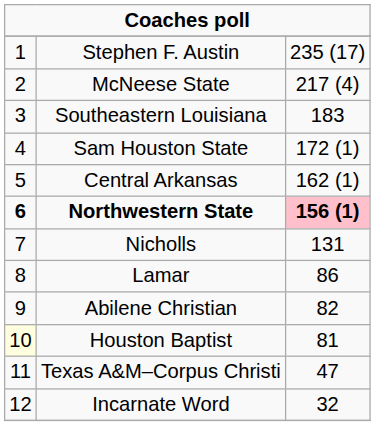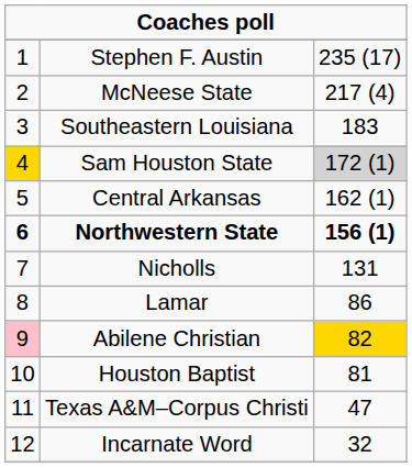 <table class="wikitable">
 <tr align="center">
 <td align="center" Colspan="3"><strong>Coaches poll</strong></td>
 </tr>
 <tr align="center">
 </tr>
 <tr align="center">
 <td>1</td>
 <td>Stephen F. Austin</td>
 <td>235 (17)</td>
 </tr>
 <tr align="center">
 <td>2</td>
 <td>McNeese State</td>
 <td>217 (4)</td>
 </tr>
 <tr align="center">
 <td>3</td>
 <td>Southeastern Louisiana</td>
 <td>183</td>
 </tr>
 <tr align="center">
-<td>4</td>
+<td style="background: gold;">4</td>
 <td>Sam Houston State</td>
-<td>172 (1)</td>
+<td style="background: lightgrey;">172 (1)</td>
 </tr>
 <tr align="center">
 <td>5</td>
 <td>Central Arkansas</td>
 <td>162 (1)</td>
 </tr>
 <tr align="center">
 <td><strong>6</strong></td>
 <td><strong>Northwestern State</strong></td>
-<td style="background: pink;"><strong>156 (1)</strong></td>
+<td><strong>156 (1)</strong></td>
 </tr>
 <tr align="center">
 <td>7</td>
 <td>Nicholls</td>
 <td>131</td>
 </tr>
 <tr align="center">
 <td>8</td>
 <td>Lamar</td>
 <td>86</td>
 </tr>
 <tr align="center">
-<td>9</td>
+<td style="background: pink;">9</td>
 <td>Abilene Christian</td>
-<td>82</td>
+<td style="background: gold;">82</td>
 </tr>
 <tr align="center">
-<td style="background: lightyellow;">10</td>
+<td>10</td>
 <td>Houston Baptist</td>
 <td>81</td>
 </tr>
 <tr align="center">
 <td>11</td>
 <td>Texas A&M–Corpus Christi</td>
 <td>47</td>
 </tr>
 <tr align="center">
 <td>12</td>
 <td>Incarnate Word</td>
 <td>32</td>
 </tr>
 <tr align="center">
 </tr>
 </table>
